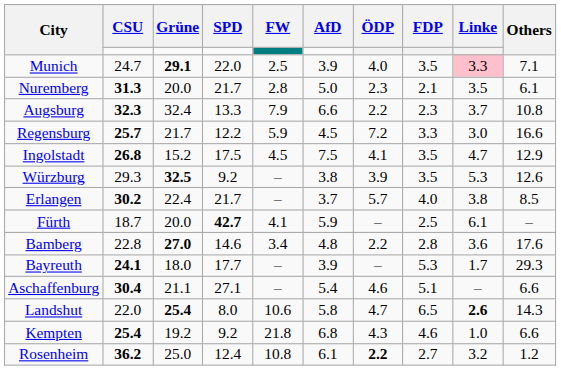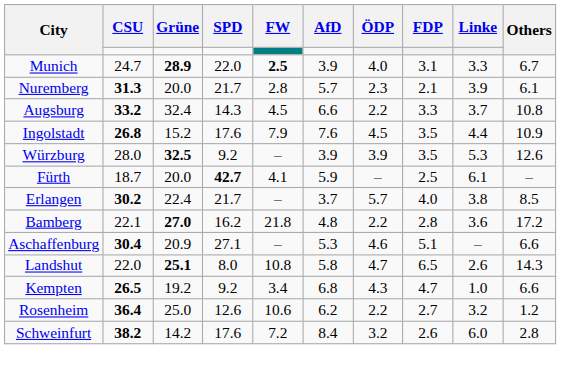 <table class=wikitable style="text-align:center; font-size:90%; line-height:14px">
 <tr style="height:40px;">
 <th rowspan=2>City</th>
 <th style="width:40px;"><a href='#'>CSU</a></th>
 <th style="width:40px;"><a href='#'>Grüne</a></th>
 <th style="width:40px;"><a href='#'>SPD</a></th>
 <th style="width:40px;"><a href='#'>FW</a></th>
 <th style="width:40px;"><a href='#'>AfD</a></th>
 <th style="width:40px;"><a href='#'>ÖDP</a></th>
 <th style="width:40px;"><a href='#'>FDP</a></th>
 <th style="width:40px;"><a href='#'>Linke</a></th>
 <th class="unsortable" style="width:40px;" rowspan="2">Others</th>
 </tr>
 <tr>
 <td style="background:"></td>
 <td style="background:"></td>
 <td style="background:"></td>
 <th style="background:#007E82;"></th>
 <td style="background:"></td>
 <th style="background:"></th>
 <th style="background:"></th>
 <th style="background:"></th>
 </tr>
 <tr>
 <td><a href='#'>Munich</a></td>
 <td>24.7</td>
-<td><strong>29.1</strong></td>
+<td><strong>28.9</strong></td>
 <td>22.0</td>
-<td>2.5</td>
+<td><strong>2.5</strong></td>
 <td>3.9</td>
 <td>4.0</td>
-<td>3.5</td>
-<td style="background: pink;">3.3</td>
-<td>7.1</td>
+<td>3.1</td>
+<td>3.3</td>
+<td>6.7</td>
 </tr>
 <tr>
 <td><a href='#'>Nuremberg</a></td>
 <td><strong>31.3</strong></td>
 <td>20.0</td>
 <td>21.7</td>
 <td>2.8</td>
-<td>5.0</td>
+<td>5.7</td>
 <td>2.3</td>
 <td>2.1</td>
-<td>3.5</td>
+<td>3.9</td>
 <td>6.1</td>
 </tr>
 <tr>
 <td><a href='#'>Augsburg</a></td>
-<td><strong>32.3</strong></td>
+<td><strong>33.2</strong></td>
 <td>32.4</td>
-<td>13.3</td>
-<td>7.9</td>
+<td>14.3</td>
+<td>4.5</td>
 <td>6.6</td>
 <td>2.2</td>
-<td>2.3</td>
+<td>3.3</td>
 <td>3.7</td>
 <td>10.8</td>
-</tr>
-<tr>
-<td><a href='#'>Regensburg</a></td>
-<td><strong>25.7</strong></td>
-<td>21.7</td>
-<td>12.2</td>
-<td>5.9</td>
-<td>4.5</td>
-<td>7.2</td>
-<td>3.3</td>
-<td>3.0</td>
-<td>16.6</td>
 </tr>
 <tr>
 <td><a href='#'>Ingolstadt</a></td>
 <td><strong>26.8</strong></td>
 <td>15.2</td>
-<td>17.5</td>
+<td>17.6</td>
+<td>7.9</td>
+<td>7.6</td>
 <td>4.5</td>
-<td>7.5</td>
-<td>4.1</td>
 <td>3.5</td>
-<td>4.7</td>
-<td>12.9</td>
+<td>4.4</td>
+<td>10.9</td>
 </tr>
 <tr>
 <td><a href='#'>Würzburg</a></td>
-<td>29.3</td>
+<td>28.0</td>
 <td><strong>32.5</strong></td>
 <td>9.2</td>
 <td>–</td>
-<td>3.8</td>
+<td>3.9</td>
 <td>3.9</td>
 <td>3.5</td>
 <td>5.3</td>
 <td>12.6</td>
+</tr>
+<tr>
+<td><a href='#'>Fürth</a></td>
+<td>18.7</td>
+<td>20.0</td>
+<td><strong>42.7</strong></td>
+<td>4.1</td>
+<td>5.9</td>
+<td>–</td>
+<td>2.5</td>
+<td>6.1</td>
+<td>–</td>
 </tr>
 <tr>
 <td><a href='#'>Erlangen</a></td>
 <td><strong>30.2</strong></td>
 <td>22.4</td>
 <td>21.7</td>
 <td>–</td>
 <td>3.7</td>
 <td>5.7</td>
 <td>4.0</td>
 <td>3.8</td>
 <td>8.5</td>
 </tr>
 <tr>
-<td><a href='#'>Fürth</a></td>
-<td>18.7</td>
-<td>20.0</td>
-<td><strong>42.7</strong></td>
-<td>4.1</td>
-<td>5.9</td>
-<td>–</td>
-<td>2.5</td>
-<td>6.1</td>
-<td>–</td>
-</tr>
-<tr>
 <td><a href='#'>Bamberg</a></td>
-<td>22.8</td>
+<td>22.1</td>
 <td><strong>27.0</strong></td>
-<td>14.6</td>
-<td>3.4</td>
+<td>16.2</td>
+<td>21.8</td>
 <td>4.8</td>
 <td>2.2</td>
 <td>2.8</td>
 <td>3.6</td>
-<td>17.6</td>
-</tr>
-<tr>
-<td><a href='#'>Bayreuth</a></td>
-<td><strong>24.1</strong></td>
-<td>18.0</td>
-<td>17.7</td>
-<td>–</td>
-<td>3.9</td>
-<td>–</td>
-<td>5.3</td>
-<td>1.7</td>
-<td>29.3</td>
+<td>17.2</td>
 </tr>
 <tr>
 <td><a href='#'>Aschaffenburg</a></td>
 <td><strong>30.4</strong></td>
-<td>21.1</td>
+<td>20.9</td>
 <td>27.1</td>
 <td>–</td>
-<td>5.4</td>
+<td>5.3</td>
 <td>4.6</td>
 <td>5.1</td>
 <td>–</td>
 <td>6.6</td>
 </tr>
 <tr>
 <td><a href='#'>Landshut</a></td>
 <td>22.0</td>
-<td><strong>25.4</strong></td>
+<td><strong>25.1</strong></td>
 <td>8.0</td>
-<td>10.6</td>
+<td>10.8</td>
 <td>5.8</td>
 <td>4.7</td>
 <td>6.5</td>
-<td><strong>2.6</strong></td>
+<td>2.6</td>
 <td>14.3</td>
 </tr>
 <tr>
 <td><a href='#'>Kempten</a></td>
-<td><strong>25.4</strong></td>
+<td><strong>26.5</strong></td>
 <td>19.2</td>
 <td>9.2</td>
-<td>21.8</td>
+<td>3.4</td>
 <td>6.8</td>
 <td>4.3</td>
-<td>4.6</td>
+<td>4.7</td>
 <td>1.0</td>
 <td>6.6</td>
 </tr>
 <tr>
 <td><a href='#'>Rosenheim</a></td>
-<td><strong>36.2</strong></td>
+<td><strong>36.4</strong></td>
 <td>25.0</td>
-<td>12.4</td>
-<td>10.8</td>
-<td>6.1</td>
-<td><strong>2.2</strong></td>
+<td>12.6</td>
+<td>10.6</td>
+<td>6.2</td>
+<td>2.2</td>
 <td>2.7</td>
 <td>3.2</td>
 <td>1.2</td>
 </tr>
+<tr>
+<td><a href='#'>Schweinfurt</a></td>
+<td><strong>38.2</strong></td>
+<td>14.2</td>
+<td>17.6</td>
+<td>7.2</td>
+<td>8.4</td>
+<td>3.2</td>
+<td>2.6</td>
+<td>6.0</td>
+<td>2.8</td>
+</tr>
 </table>
